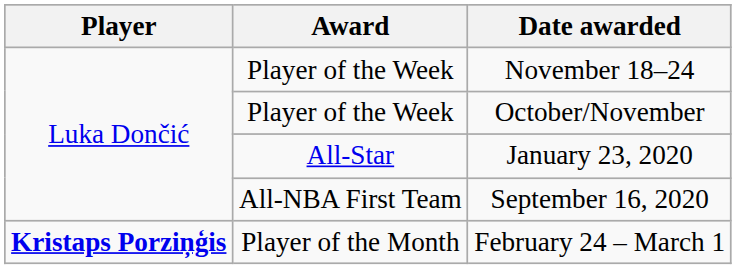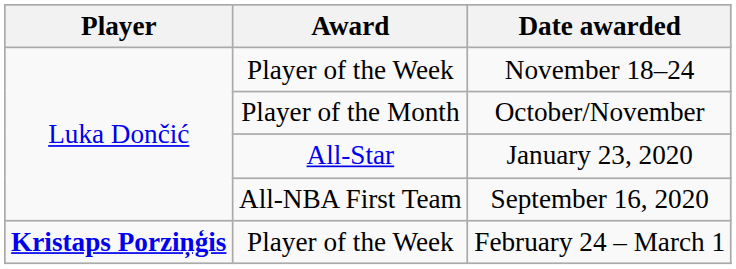 <table class="wikitable sortable">
 <tr>
 <th>Player</th>
 <th>Award</th>
 <th>Date awarded</th>
 </tr>
 <tr style="text-align: center">
 <td rowspan=4><a href='#'>Luka Dončić</a></td>
 <td>Player of the Week</td>
 <td>November 18–24</td>
 </tr>
 <tr style="text-align: center">
-<td>Player of the Week</td>
+<td>Player of the Month</td>
 <td>October/November</td>
 </tr>
 <tr style="text-align: center">
 <td><a href='#'>All-Star</a></td>
 <td>January 23, 2020</td>
 </tr>
 <tr style="text-align: center">
 <td>All-NBA First Team</td>
 <td>September 16, 2020</td>
 </tr>
 <tr style="text-align: center">
 <td><strong><a href='#'>Kristaps Porziņģis</a></strong></td>
-<td>Player of the Month</td>
+<td>Player of the Week</td>
 <td>February 24 – March 1</td>
 </tr>
 </table>
